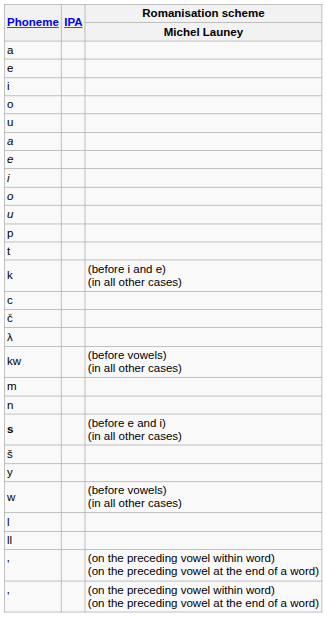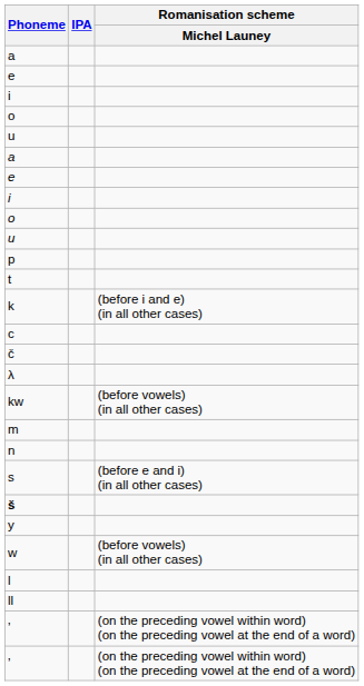 <table class="wikitable" id="letters_chart">
 <tr>
 <th rowspan="2"><a href='#'>Phoneme</a></th>
 <th rowspan="2"><a href='#'>IPA</a></th>
 <th colspan="7">Romanisation scheme</th>
 </tr>
 <tr>
 <th>Michel Launey</th>
 </tr>
 <tr>
 <td>a</td>
 <td></td>
 <td></td>
 </tr>
 <tr>
 <td>e</td>
 <td></td>
 <td></td>
 </tr>
 <tr>
 <td>i</td>
 <td></td>
 <td></td>
 </tr>
 <tr>
 <td>o</td>
 <td></td>
 <td></td>
 </tr>
 <tr>
 <td>u</td>
 <td></td>
 <td></td>
 </tr>
 <tr>
 <td><em>a</em></td>
 <td></td>
 <td></td>
 </tr>
 <tr>
 <td><em>e</em></td>
 <td></td>
 <td></td>
 </tr>
 <tr>
 <td><em>i</em></td>
 <td></td>
 <td></td>
 </tr>
 <tr>
 <td><em>o</em></td>
 <td></td>
 <td></td>
 </tr>
 <tr>
 <td><em>u</em></td>
 <td></td>
 <td></td>
 </tr>
 <tr>
 <td>p</td>
 <td></td>
 <td></td>
 </tr>
 <tr>
 <td>t</td>
 <td></td>
 <td></td>
 </tr>
 <tr>
 <td>k</td>
 <td></td>
 <td> (before i and e)<br> (in all other cases)</td>
 </tr>
 <tr>
 <td>c</td>
 <td></td>
 <td></td>
 </tr>
 <tr>
 <td>č</td>
 <td></td>
 <td></td>
 </tr>
 <tr>
 <td>λ</td>
 <td></td>
 <td></td>
 </tr>
 <tr>
 <td>kw</td>
 <td></td>
 <td> (before vowels)<br> (in all other cases)</td>
 </tr>
 <tr>
 <td>m</td>
 <td></td>
 <td></td>
 </tr>
 <tr>
 <td>n</td>
 <td></td>
 <td></td>
 </tr>
 <tr>
-<td><strong>s</strong></td>
+<td>s</td>
 <td></td>
 <td> (before e and i)<br> (in all other cases)</td>
 </tr>
 <tr>
-<td>š</td>
+<td><strong>š</strong></td>
 <td></td>
 <td></td>
 </tr>
 <tr>
 <td>y</td>
 <td></td>
 <td></td>
 </tr>
 <tr>
 <td>w</td>
 <td></td>
 <td> (before vowels)<br> (in all other cases)</td>
 </tr>
 <tr>
 <td>l</td>
 <td></td>
 <td></td>
 </tr>
 <tr>
 <td>ll</td>
 <td></td>
 <td></td>
 </tr>
 <tr>
 <td>ʼ</td>
 <td></td>
 <td> (on the preceding vowel within word)<br> (on the preceding vowel at the end of a word)</td>
 </tr>
 <tr>
 <td>ʼ</td>
 <td></td>
 <td> (on the preceding vowel within word)<br> (on the preceding vowel at the end of a word)</td>
 </tr>
 </table>
